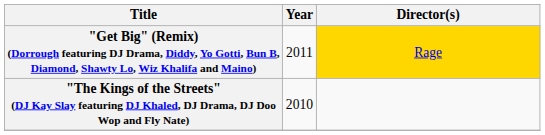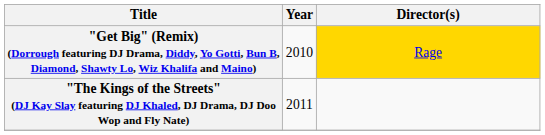 <table class="wikitable plainrowheaders" style="text-align:center;">
 <tr>
 <th scope="col" style="width:20em;">Title</th>
 <th scope="col">Year</th>
 <th scope="col" style="width:16em;">Director(s)</th>
 </tr>
 <tr>
 <th scope="row">"Get Big" (Remix)<br><small>(<a href='#'>Dorrough</a> featuring DJ Drama, <a href='#'>Diddy</a>, <a href='#'>Yo Gotti</a>, <a href='#'>Bun B</a>, <a href='#'>Diamond</a>, <a href='#'>Shawty Lo</a>, <a href='#'>Wiz Khalifa</a> and <a href='#'>Maino</a>)</small></th>
-<td>2011</td>
+<td>2010</td>
 <td style="background: gold;"><a href='#'>Rage</a></td>
 </tr>
 <tr>
 <th scope="row">"The Kings of the Streets"<br><small>(<a href='#'>DJ Kay Slay</a> featuring <a href='#'>DJ Khaled</a>, DJ Drama, DJ Doo Wop and Fly Nate)</small></th>
-<td>2010</td>
+<td>2011</td>
 <td></td>
 </tr>
 <tr>
 </tr>
 </table>
